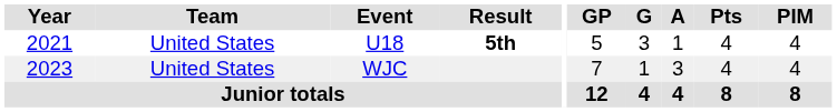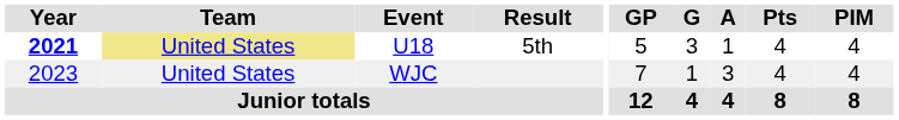 <table border="0" cellpadding="1" cellspacing="0" ID="Table3" style="text-align:center; width:40em;">
 <tr bgcolor="#e0e0e0">
 <th>Year</th>
 <th>Team</th>
 <th>Event</th>
 <th>Result</th>
 <th rowspan="98" bgcolor="#ffffff"></th>
 <th>GP</th>
 <th>G</th>
 <th>A</th>
 <th>Pts</th>
 <th>PIM</th>
 </tr>
 <tr>
-<td><a href='#'>2021</a></td>
-<td><a href='#'>United States</a></td>
+<td><strong><a href='#'>2021</a></strong></td>
+<td style="background: khaki;"><a href='#'>United States</a></td>
 <td><a href='#'>U18</a></td>
-<td><strong>5th</strong></td>
+<td>5th</td>
 <td>5</td>
 <td>3</td>
 <td>1</td>
 <td>4</td>
 <td>4</td>
 </tr>
 <tr bgcolor="#f0f0f0">
 <td><a href='#'>2023</a></td>
 <td><a href='#'>United States</a></td>
 <td><a href='#'>WJC</a></td>
 <td></td>
 <td>7</td>
 <td>1</td>
 <td>3</td>
 <td>4</td>
 <td>4</td>
 </tr>
 <tr bgcolor="#e0e0e0">
 <th colspan="4">Junior totals</th>
 <th>12</th>
 <th>4</th>
 <th>4</th>
 <th>8</th>
 <th>8</th>
 </tr>
 </table>
